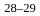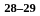 <table style="text-align:center">
 <tr>
 <th width=200></th>
 <th width=100></th>
 <th width=200></th>
 </tr>
 <tr>
 <td align=right></td>
-<td>28–29</td>
+<td><strong>28–29</strong></td>
 <td align=left><strong></strong></td>
 </tr>
 </table>
